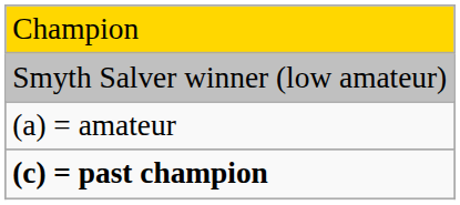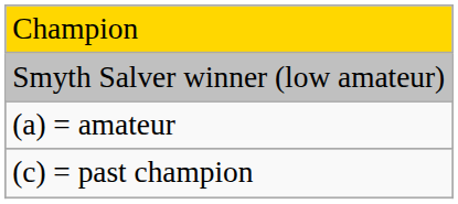 <table class="wikitable">
 <tr style="background:gold">
 <td>Champion</td>
 </tr>
 <tr style="background:silver">
 <td>Smyth Salver winner (low amateur)</td>
 </tr>
 <tr>
 <td>(a) = amateur</td>
 </tr>
 <tr>
-<td><strong>(c) = past champion</strong></td>
+<td>(c) = past champion</td>
 </tr>
 </table>
